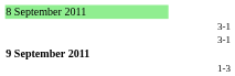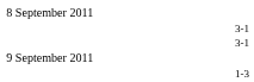 <table style="width:50%;" cellspacing="1">
 <tr>
 <th width=15%></th>
 <th width=10%></th>
 <th width=15%></th>
 </tr>
 <tr>
-<td style="background: lightgreen;">8 September 2011</td>
+<td>8 September 2011</td>
 </tr>
 <tr style=font-size:90%>
 <td align=right></td>
 <td align=center>3-1</td>
 <td></td>
 </tr>
 <tr style=font-size:90%>
 <td align=right></td>
 <td align=center>3-1</td>
 <td></td>
 </tr>
 <tr>
-<td><strong>9 September 2011</strong></td>
+<td>9 September 2011</td>
 </tr>
 <tr style=font-size:90%>
 <td align=right></td>
 <td align=center>1-3</td>
 <td></td>
 </tr>
 </table>
